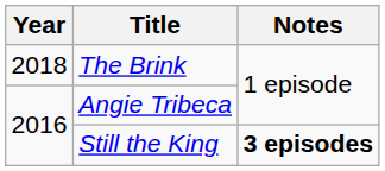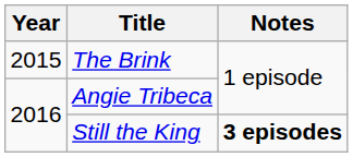 <table class="wikitable">
 <tr>
 <th>Year</th>
 <th>Title</th>
 <th>Notes</th>
 </tr>
 <tr>
-<td>2018</td>
+<td>2015</td>
 <td><em><a href='#'>The Brink</a></em></td>
 <td rowspan=2>1 episode</td>
 </tr>
 <tr>
 <td rowspan=2>2016</td>
 <td><em><a href='#'>Angie Tribeca</a></em></td>
 </tr>
 <tr>
 <td><em><a href='#'>Still the King</a></em></td>
 <td><strong>3 episodes</strong></td>
 </tr>
 </table>
